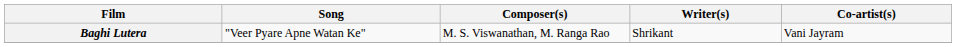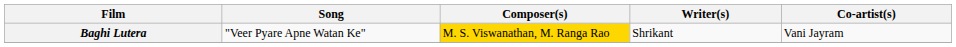 <table class="wikitable plainrowheaders" style="width:100%;" textcolor:#000;">
 <tr style="background:#b0e0e66;">
 <th scope="col" style="width:23%;"><strong>Film</strong></th>
 <th scope="col" style="width:23%;"><strong>Song</strong></th>
 <th scope="col" style="width:20%;"><strong>Composer(s)</strong></th>
 <th scope="col" style="width:16%;"><strong>Writer(s)</strong></th>
 <th scope="col" style="width:18%;"><strong>Co-artist(s)</strong></th>
 </tr>
 <tr>
 <th><em>Baghi Lutera</em></th>
 <td>"Veer Pyare Apne Watan Ke"</td>
-<td>M. S. Viswanathan, M. Ranga Rao</td>
+<td style="background: gold;">M. S. Viswanathan, M. Ranga Rao</td>
 <td>Shrikant</td>
 <td>Vani Jayram</td>
 </tr>
 <tr>
 </tr>
 </table>
